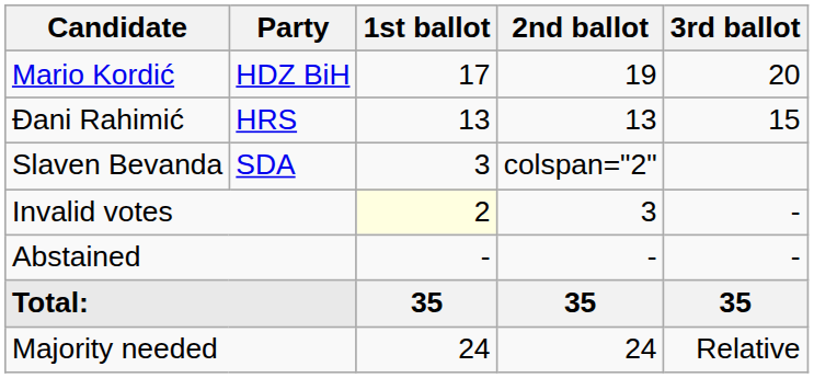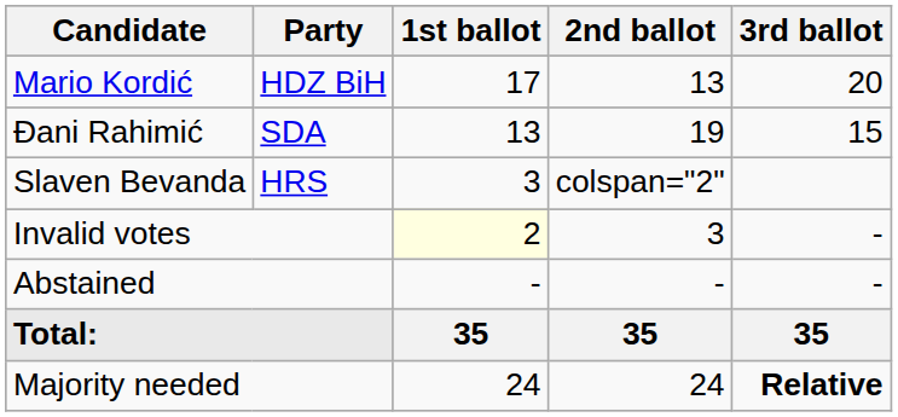 <table class="wikitable" border="1">
 <tr>
 <th>Candidate</th>
 <th>Party</th>
 <th>1st ballot</th>
 <th>2nd ballot</th>
 <th>3rd ballot</th>
 </tr>
 <tr>
 <td><a href='#'>Mario Kordić</a></td>
 <td align="left"><a href='#'>HDZ BiH</a></td>
 <td align="right">17</td>
-<td align="right">19</td>
+<td align="right">13</td>
 <td align="right">20</td>
 </tr>
 <tr>
 <td>Đani Rahimić</td>
-<td align="left"><a href='#'>HRS</a></td>
+<td align="left"><a href='#'>SDA</a></td>
 <td align="right">13</td>
-<td align="right">13</td>
+<td align="right">19</td>
 <td align="right">15</td>
 </tr>
 <tr>
 <td>Slaven Bevanda</td>
-<td align="left"><a href='#'>SDA</a></td>
+<td align="left"><a href='#'>HRS</a></td>
 <td align="right">3</td>
 <td>colspan="2" </td>
 </tr>
 <tr>
 <td colspan="2">Invalid votes</td>
 <td align="right" style="background: lightyellow;">2</td>
 <td align="right">3</td>
 <td align="right">-</td>
 </tr>
 <tr>
 <td colspan="2">Abstained</td>
 <td align="right">-</td>
 <td align="right">-</td>
 <td align="right">-</td>
 </tr>
 <tr style="background-color:#E9E9E9">
 <td colspan="2"><strong>Total:</strong></td>
 <th align="right">35</th>
 <th align="right">35</th>
 <th align="right">35</th>
 </tr>
 <tr>
 <td colspan="2">Majority needed</td>
 <td align="right">24</td>
 <td align="right">24</td>
-<td align="right">Relative</td>
+<td align="right"><strong>Relative</strong></td>
 </tr>
 </table>
